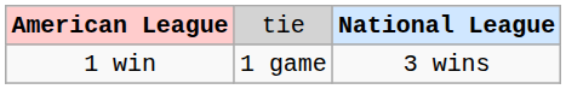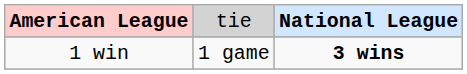 <table class="wikitable" style="text-align: center;">
 <tr>
 <td bgcolor=#ffcccc><strong>American League</strong></td>
 <td bgcolor=lightgrey>tie</td>
 <td bgcolor=#d0e7ff><strong>National League</strong></td>
 </tr>
 <tr>
 <td>1 win</td>
 <td>1 game</td>
-<td>3 wins</td>
+<td><strong>3 wins</strong></td>
 </tr>
 </table>
